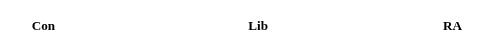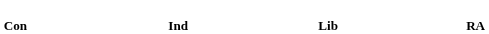 <table style="width:60%; text-align:center;">
 <tr style="color:white;">
 <td style="background:"><strong>33</strong></td>
+<td style="background:"><strong>8</strong></td>
 <td style="background:"><strong>1</strong></td>
 <td style="background:"><strong>1</strong></td>
 </tr>
 <tr>
 <td><span><strong>Con</strong></span></td>
+<td><span><strong>Ind</strong></span></td>
 <td><span><strong>Lib</strong></span></td>
 <td><span><strong>RA</strong></span></td>
 </tr>
 </table>
